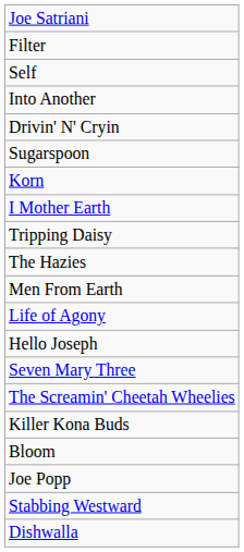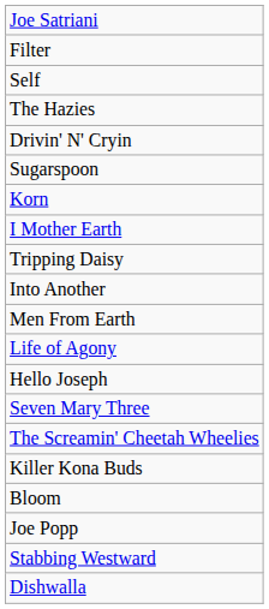 <table class="wikitable">
 <tr>
 <td><a href='#'>Joe Satriani</a></td>
 </tr>
 <tr>
 <td>Filter</td>
 </tr>
 <tr>
 <td>Self</td>
 </tr>
 <tr>
-<td>Into Another</td>
+<td>The Hazies</td>
 </tr>
 <tr>
 <td>Drivin' N' Cryin</td>
 </tr>
 <tr>
 <td>Sugarspoon</td>
 </tr>
 <tr>
 <td><a href='#'>Korn</a></td>
 </tr>
 <tr>
 <td><a href='#'>I Mother Earth</a></td>
 </tr>
 <tr>
 <td>Tripping Daisy</td>
 </tr>
 <tr>
-<td>The Hazies</td>
+<td>Into Another</td>
 </tr>
 <tr>
 <td>Men From Earth</td>
 </tr>
 <tr>
 <td><a href='#'>Life of Agony</a></td>
 </tr>
 <tr>
 <td>Hello Joseph</td>
 </tr>
 <tr>
 <td><a href='#'>Seven Mary Three</a></td>
 </tr>
 <tr>
 <td><a href='#'>The Screamin' Cheetah Wheelies</a></td>
 </tr>
 <tr>
 <td>Killer Kona Buds</td>
 </tr>
 <tr>
 <td>Bloom</td>
 </tr>
 <tr>
 <td>Joe Popp</td>
 </tr>
 <tr>
 <td><a href='#'>Stabbing Westward</a></td>
 </tr>
 <tr>
 <td><a href='#'>Dishwalla</a></td>
 </tr>
 </table>
